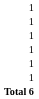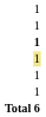 <table>
 <tr>
 <td></td>
 <td>1</td>
 </tr>
 <tr>
 <td></td>
 <td>1</td>
 </tr>
 <tr>
 <td></td>
-<td>1</td>
+<td><strong>1</strong></td>
 </tr>
 <tr>
 <td></td>
-<td>1</td>
+<td style="background: khaki;">1</td>
 </tr>
 <tr>
 <td></td>
 <td>1</td>
 </tr>
 <tr>
 <td></td>
 <td>1</td>
 </tr>
 <tr>
 <td><strong>Total</strong></td>
 <td><strong>6</strong></td>
 </tr>
 </table>
